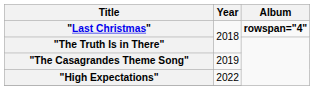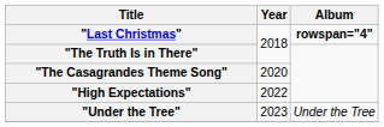 <table class="wikitable plainrowheaders" border="1" style="text-align:center;">
 <tr>
 <th scope="col" style="width:20em;">Title</th>
 <th scope="col">Year</th>
 <th scope="col">Album</th>
 </tr>
 <tr>
 <th scope="row">"<a href='#'>Last Christmas</a>"</th>
 <td rowspan="2">2018</td>
 <td><strong>rowspan="4" </strong></td>
 </tr>
 <tr>
 <th scope="row">"The Truth Is in There"</th>
 </tr>
 <tr>
 <th scope="row">"The Casagrandes Theme Song"<br></th>
-<td>2019</td>
+<td>2020</td>
 </tr>
 <tr>
 <th scope="row">"High Expectations"<br></th>
 <td>2022</td>
 </tr>
 <tr>
+<th scope="row">"Under the Tree"</th>
+<td>2023</td>
+<td><em>Under the Tree</em></td>
+</tr>
+<tr>
 </tr>
 </table>
